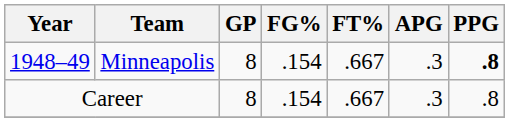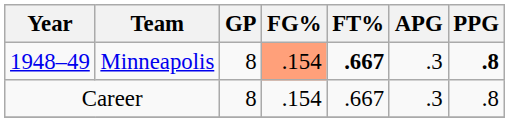 <table class="wikitable sortable" style="font-size:95%; text-align:right;">
 <tr>
 <th>Year</th>
 <th>Team</th>
 <th>GP</th>
 <th>FG%</th>
 <th>FT%</th>
 <th>APG</th>
 <th>PPG</th>
 </tr>
 <tr>
 <td style="text-align:left;"><a href='#'>1948–49</a></td>
 <td style="text-align:left;"><a href='#'>Minneapolis</a></td>
 <td>8</td>
-<td>.154</td>
-<td>.667</td>
+<td style="background: lightsalmon;">.154</td>
+<td><strong>.667</strong></td>
 <td>.3</td>
 <td><strong>.8</strong></td>
 </tr>
 <tr>
 <td style="text-align:center;" colspan="2">Career</td>
 <td>8</td>
 <td>.154</td>
 <td>.667</td>
 <td>.3</td>
 <td>.8</td>
 </tr>
 <tr>
 </tr>
 </table>
